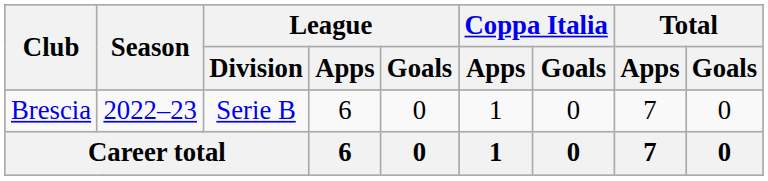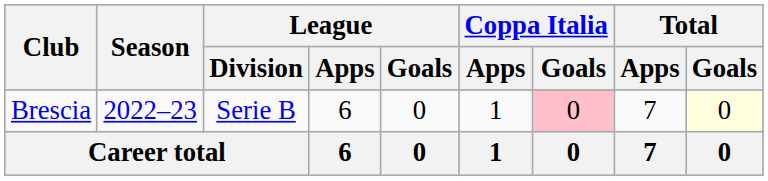 <table class="wikitable" style="text-align:center">
 <tr>
 <th rowspan="2">Club</th>
 <th rowspan="2">Season</th>
 <th colspan="3">League</th>
 <th colspan="2"><a href='#'>Coppa Italia</a></th>
 <th colspan="2">Total</th>
 </tr>
 <tr>
 <th>Division</th>
 <th>Apps</th>
 <th>Goals</th>
 <th>Apps</th>
 <th>Goals</th>
 <th>Apps</th>
 <th>Goals</th>
 </tr>
 <tr>
 <td><a href='#'>Brescia</a></td>
 <td><a href='#'>2022–23</a></td>
 <td><a href='#'>Serie B</a></td>
 <td>6</td>
 <td>0</td>
 <td>1</td>
-<td>0</td>
+<td style="background: pink;">0</td>
 <td>7</td>
-<td>0</td>
+<td style="background: lightyellow;">0</td>
 </tr>
 <tr>
 <th colspan="3">Career total</th>
 <th>6</th>
 <th>0</th>
 <th>1</th>
 <th>0</th>
 <th>7</th>
 <th>0</th>
 </tr>
 </table>
